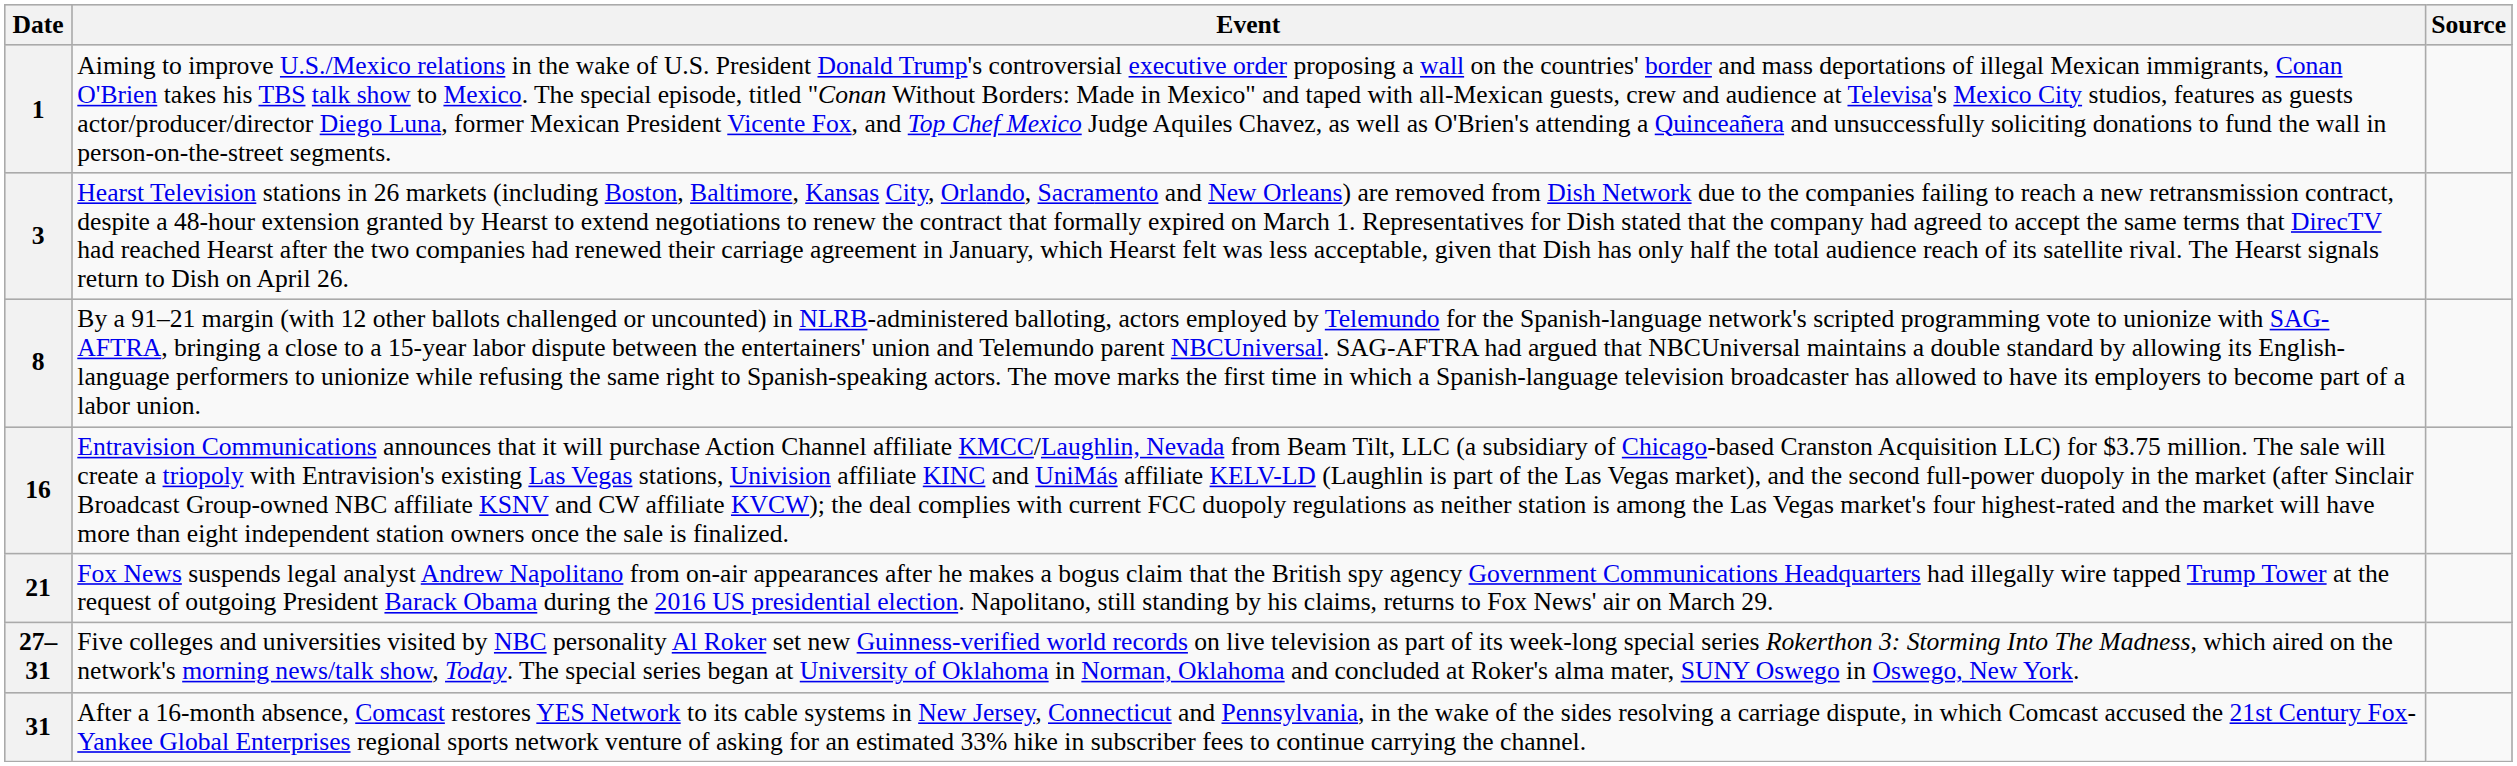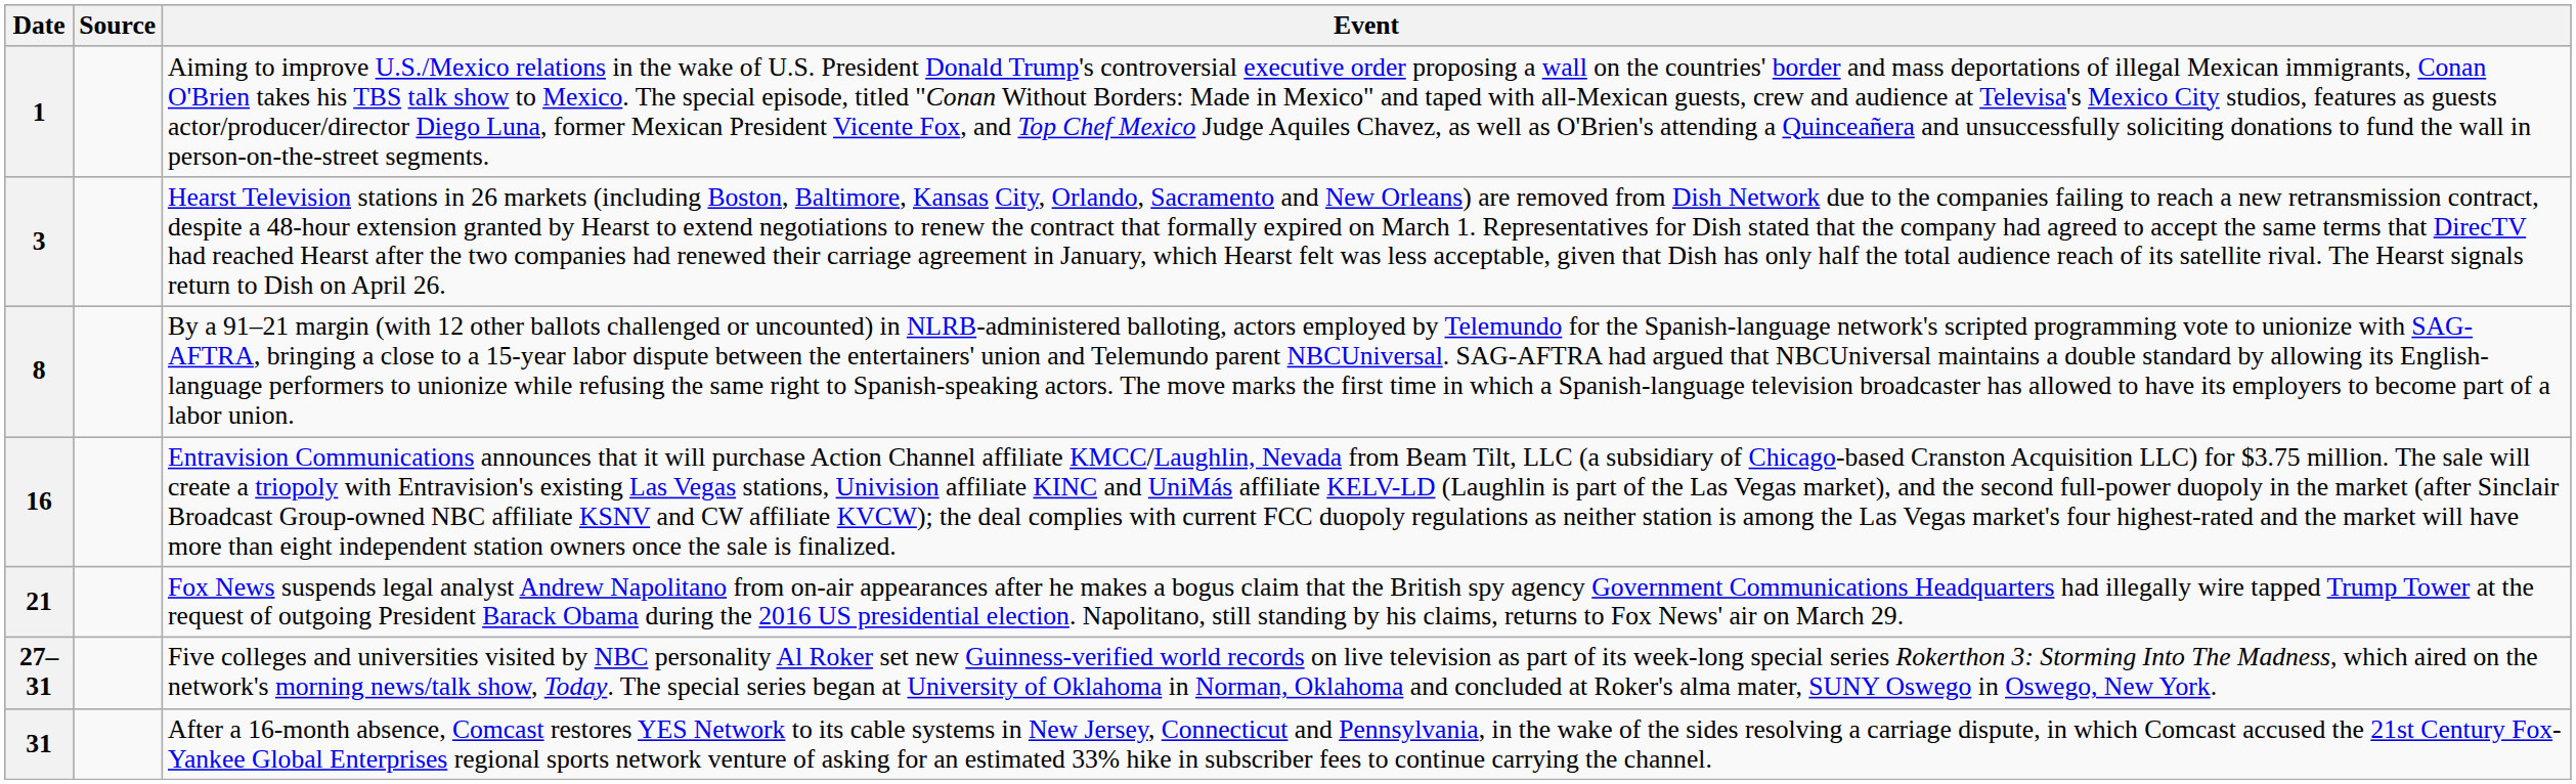 <table class="wikitable">
 <tr>
 <th>Date</th>
+<th>Source</th>
 <th>Event</th>
-<th>Source</th>
 </tr>
 <tr>
 <th>1</th>
+<td></td>
 <td>Aiming to improve <a href='#'>U.S./Mexico relations</a> in the wake of U.S. President <a href='#'>Donald Trump</a>'s controversial <a href='#'>executive order</a> proposing a <a href='#'>wall</a> on the countries' <a href='#'>border</a> and mass deportations of illegal Mexican immigrants, <a href='#'>Conan O'Brien</a> takes his <a href='#'>TBS</a> <a href='#'>talk show</a> to <a href='#'>Mexico</a>. The special episode, titled "<em>Conan</em> Without Borders: Made in Mexico" and taped with all-Mexican guests, crew and audience at <a href='#'>Televisa</a>'s <a href='#'>Mexico City</a> studios, features as guests actor/producer/director <a href='#'>Diego Luna</a>, former Mexican President <a href='#'>Vicente Fox</a>, and <em><a href='#'>Top Chef Mexico</a></em> Judge Aquiles Chavez, as well as O'Brien's attending a <a href='#'>Quinceañera</a> and unsuccessfully soliciting donations to fund the wall in person-on-the-street segments.</td>
-<td></td>
 </tr>
 <tr>
 <th>3</th>
+<td></td>
 <td><a href='#'>Hearst Television</a> stations in 26 markets (including <a href='#'>Boston</a>, <a href='#'>Baltimore</a>, <a href='#'>Kansas</a> <a href='#'>City</a>, <a href='#'>Orla</a><a href='#'>ndo</a>, <a href='#'>Sacra</a><a href='#'>mento</a> and <a href='#'>New Orleans</a>) are removed from <a href='#'>Dish Network</a> due to the companies failing to reach a new retransmission contract, despite a 48-hour extension granted by Hearst to extend negotiations to renew the contract that formally expired on March 1. Representatives for Dish stated that the company had agreed to accept the same terms that <a href='#'>DirecTV</a> had reached Hearst after the two companies had renewed their carriage agreement in January, which Hearst felt was less acceptable, given that Dish has only half the total audience reach of its satellite rival. The Hearst signals return to Dish on April 26.</td>
-<td></td>
 </tr>
 <tr>
 <th>8</th>
+<td></td>
 <td>By a 91–21 margin (with 12 other ballots challenged or uncounted) in <a href='#'>NLRB</a>-administered balloting, actors employed by <a href='#'>Telemundo</a> for the Spanish-language network's scripted programming vote to unionize with <a href='#'>SAG-AFTRA</a>, bringing a close to a 15-year labor dispute between the entertainers' union and Telemundo parent <a href='#'>NBCUniversal</a>. SAG-AFTRA had argued that NBCUniversal maintains a double standard by allowing its English-language performers to unionize while refusing the same right to Spanish-speaking actors. The move marks the first time in which a Spanish-language television broadcaster has allowed to have its employers to become part of a labor union.</td>
-<td></td>
 </tr>
 <tr>
 <th>16</th>
+<td></td>
 <td><a href='#'>Entravision Communications</a> announces that it will purchase Action Channel affiliate <a href='#'>KMCC</a>/<a href='#'>Laughlin, Nevada</a> from Beam Tilt, LLC (a subsidiary of <a href='#'>Chicago</a>-based Cranston Acquisition LLC) for $3.75 million. The sale will create a <a href='#'>triopoly</a> with Entravision's existing <a href='#'>Las Vegas</a> stations, <a href='#'>Univision</a> affiliate <a href='#'>KINC</a> and <a href='#'>UniMás</a> affiliate <a href='#'>KELV-LD</a> (Laughlin is part of the Las Vegas market), and the second full-power duopoly in the market (after Sinclair Broadcast Group-owned NBC affiliate <a href='#'>KSNV</a> and CW affiliate <a href='#'>KVCW</a>); the deal complies with current FCC duopoly regulations as neither station is among the Las Vegas market's four highest-rated and the market will have more than eight independent station owners once the sale is finalized.</td>
-<td></td>
 </tr>
 <tr>
 <th>21</th>
+<td></td>
 <td><a href='#'>Fox News</a> suspends legal analyst <a href='#'>Andrew Napolitano</a> from on-air appearances after he makes a bogus claim that the British spy agency <a href='#'>Government Communications Headquarters</a> had illegally wire tapped <a href='#'>Trump Tower</a> at the request of outgoing President <a href='#'>Barack Obama</a> during the <a href='#'>2016 US presidential election</a>. Napolitano, still standing by his claims, returns to Fox News' air on March 29.</td>
-<td></td>
 </tr>
 <tr>
 <th>27–31</th>
+<td></td>
 <td>Five colleges and universities visited by <a href='#'>NBC</a> personality <a href='#'>Al Roker</a> set new <a href='#'>Guinness-verified world records</a> on live television as part of its week-long special series <em>Rokerthon 3: Storming Into The Madness</em>, which aired on the network's <a href='#'>morning news/talk show</a>, <em><a href='#'>Today</a></em>. The special series began at <a href='#'>University of Oklahoma</a> in <a href='#'>Norman, Oklahoma</a> and concluded at Roker's alma mater, <a href='#'>SUNY Oswego</a> in <a href='#'>Oswego, New York</a>.</td>
-<td></td>
 </tr>
 <tr>
 <th>31</th>
+<td></td>
 <td>After a 16-month absence, <a href='#'>Comcast</a> restores <a href='#'>YES Network</a> to its cable systems in <a href='#'>New Jersey</a>, <a href='#'>Connecticut</a> and <a href='#'>Pennsylvania</a>, in the wake of the sides resolving a carriage dispute, in which Comcast accused the <a href='#'>21st Century Fox</a>-<a href='#'>Yankee Global Enterprises</a> regional sports network venture of asking for an estimated 33% hike in subscriber fees to continue carrying the channel.</td>
-<td></td>
 </tr>
 </table>
